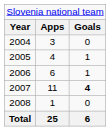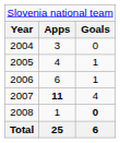 <table class="wikitable" style="text-align:center">
 <tr>
 <td colspan=3><a href='#'>Slovenia national team</a></td>
 </tr>
 <tr>
 <th>Year</th>
 <th>Apps</th>
 <th>Goals</th>
 </tr>
 <tr>
 <td>2004</td>
 <td>3</td>
 <td>0</td>
 </tr>
 <tr>
 <td>2005</td>
 <td>4</td>
 <td>1</td>
 </tr>
 <tr>
 <td>2006</td>
 <td>6</td>
 <td>1</td>
 </tr>
 <tr>
 <td>2007</td>
-<td>11</td>
-<td><strong>4</strong></td>
+<td><strong>11</strong></td>
+<td>4</td>
 </tr>
 <tr>
 <td>2008</td>
 <td>1</td>
-<td>0</td>
+<td><strong>0</strong></td>
 </tr>
 <tr>
 <th>Total</th>
 <th>25</th>
 <th>6</th>
 </tr>
 </table>
